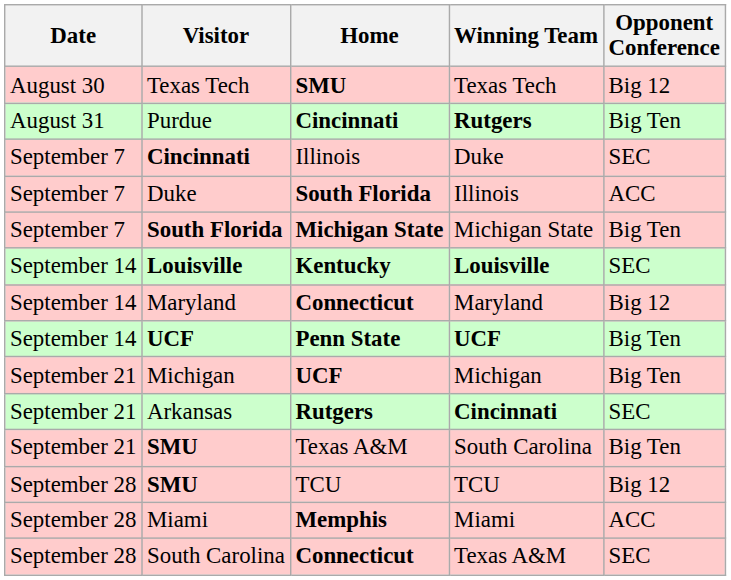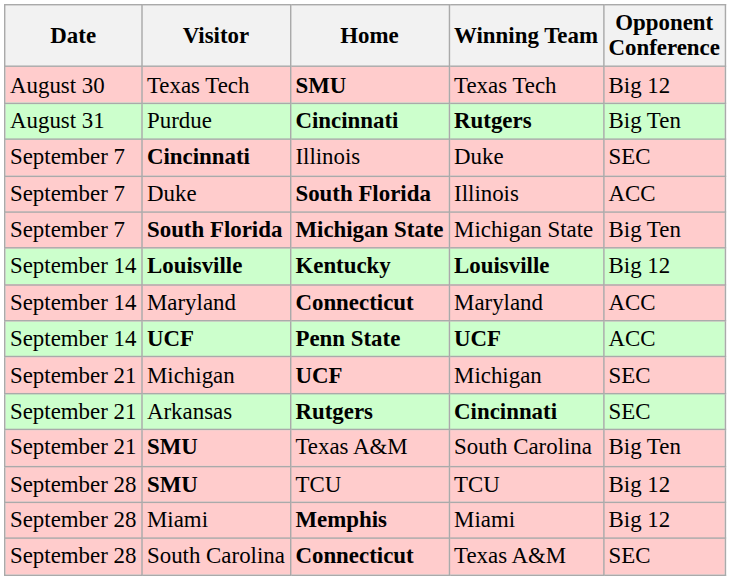 <table class="wikitable">
 <tr>
 <th>Date</th>
 <th>Visitor</th>
 <th>Home</th>
 <th>Winning Team</th>
 <th>Opponent<br>Conference</th>
 </tr>
 <tr bgcolor=#ffcccc>
 <td>August 30</td>
 <td>Texas Tech</td>
 <td><strong>SMU</strong></td>
 <td>Texas Tech</td>
 <td>Big 12</td>
 </tr>
 <tr bgcolor=#ccffcc>
 <td>August 31</td>
 <td>Purdue</td>
 <td><strong>Cincinnati</strong></td>
 <td><strong>Rutgers</strong></td>
 <td>Big Ten</td>
 </tr>
 <tr bgcolor=#ffcccc>
 <td>September 7</td>
 <td><strong>Cincinnati</strong></td>
 <td>Illinois</td>
 <td>Duke</td>
 <td>SEC</td>
 </tr>
 <tr bgcolor=#ffcccc>
 <td>September 7</td>
 <td>Duke</td>
 <td><strong>South Florida</strong></td>
 <td>Illinois</td>
 <td>ACC</td>
 </tr>
 <tr bgcolor=#ffcccc>
 <td>September 7</td>
 <td><strong>South Florida</strong></td>
 <td><strong>Michigan State</strong></td>
 <td>Michigan State</td>
 <td>Big Ten</td>
 </tr>
 <tr bgcolor=#ccffcc>
 <td>September 14</td>
 <td><strong>Louisville</strong></td>
 <td><strong>Kentucky</strong></td>
 <td><strong>Louisville</strong></td>
-<td>SEC</td>
+<td>Big 12</td>
 </tr>
 <tr bgcolor=#ffcccc>
 <td>September 14</td>
 <td>Maryland</td>
 <td><strong>Connecticut</strong></td>
 <td>Maryland</td>
-<td>Big 12</td>
+<td>ACC</td>
 </tr>
 <tr bgcolor=#ccffcc>
 <td>September 14</td>
 <td><strong>UCF</strong></td>
 <td><strong>Penn State</strong></td>
 <td><strong>UCF</strong></td>
-<td>Big Ten</td>
+<td>ACC</td>
 </tr>
 <tr bgcolor=#ffcccc>
 <td>September 21</td>
 <td>Michigan</td>
 <td><strong>UCF</strong></td>
 <td>Michigan</td>
-<td>Big Ten</td>
+<td>SEC</td>
 </tr>
 <tr bgcolor=#ccffcc>
 <td>September 21</td>
 <td>Arkansas</td>
 <td><strong>Rutgers</strong></td>
 <td><strong>Cincinnati</strong></td>
 <td>SEC</td>
 </tr>
 <tr bgcolor=#ffcccc>
 <td>September 21</td>
 <td><strong>SMU</strong></td>
 <td>Texas A&M</td>
 <td>South Carolina</td>
 <td>Big Ten</td>
 </tr>
 <tr bgcolor=#ffcccc>
 <td>September 28</td>
 <td><strong>SMU</strong></td>
 <td>TCU</td>
 <td>TCU</td>
 <td>Big 12</td>
 </tr>
 <tr bgcolor=#ffcccc>
 <td>September 28</td>
 <td>Miami</td>
 <td><strong>Memphis</strong></td>
 <td>Miami</td>
-<td>ACC</td>
+<td>Big 12</td>
 </tr>
 <tr bgcolor=#ffcccc>
 <td>September 28</td>
 <td>South Carolina</td>
 <td><strong>Connecticut</strong></td>
 <td>Texas A&M</td>
 <td>SEC</td>
 </tr>
 </table>
